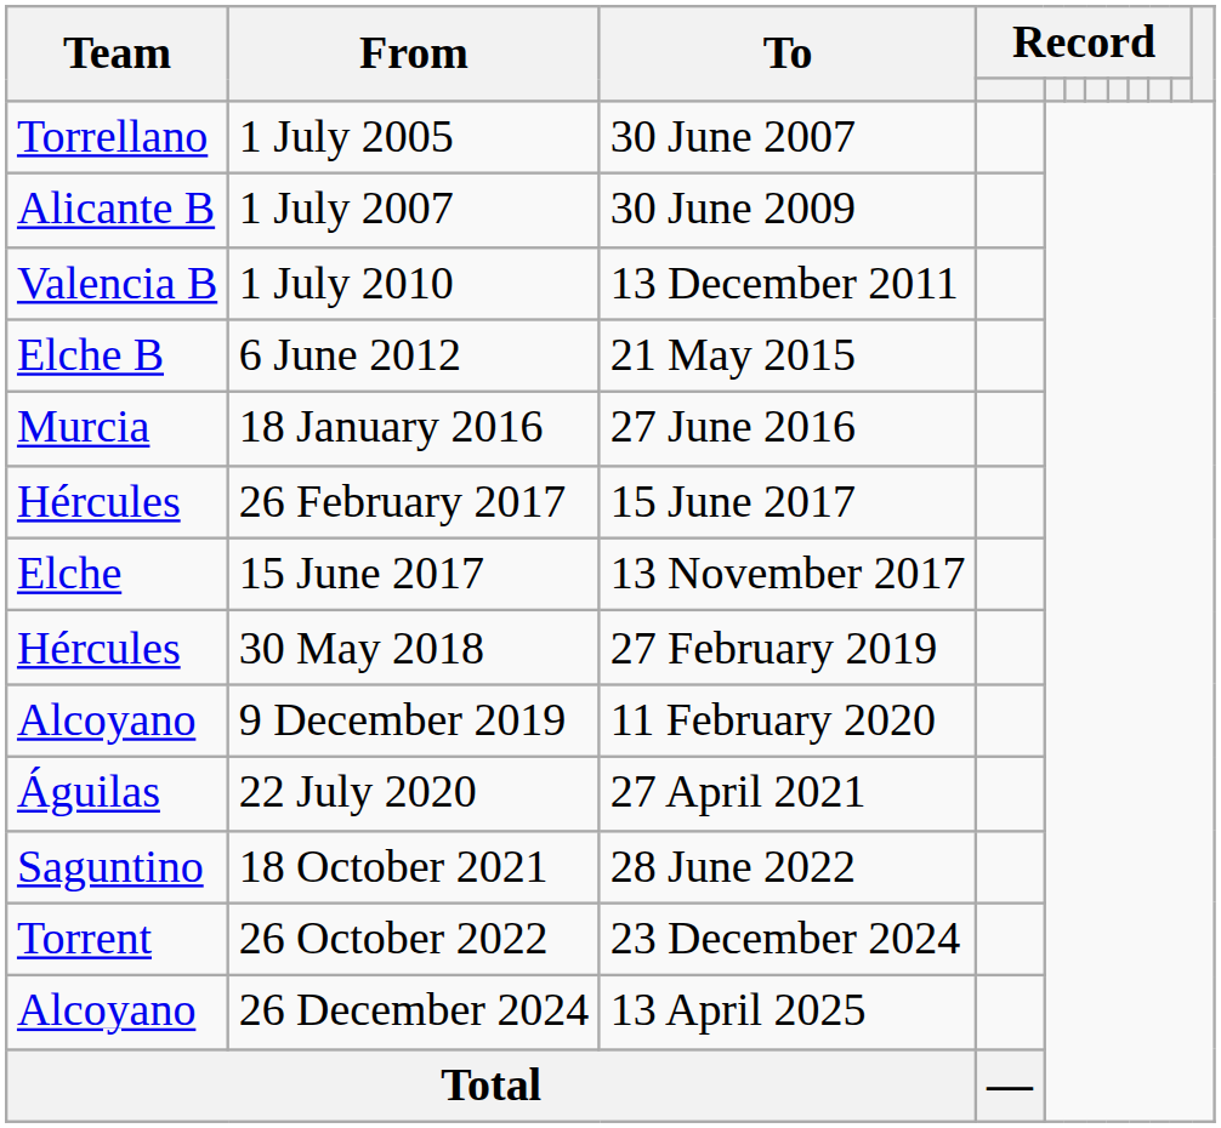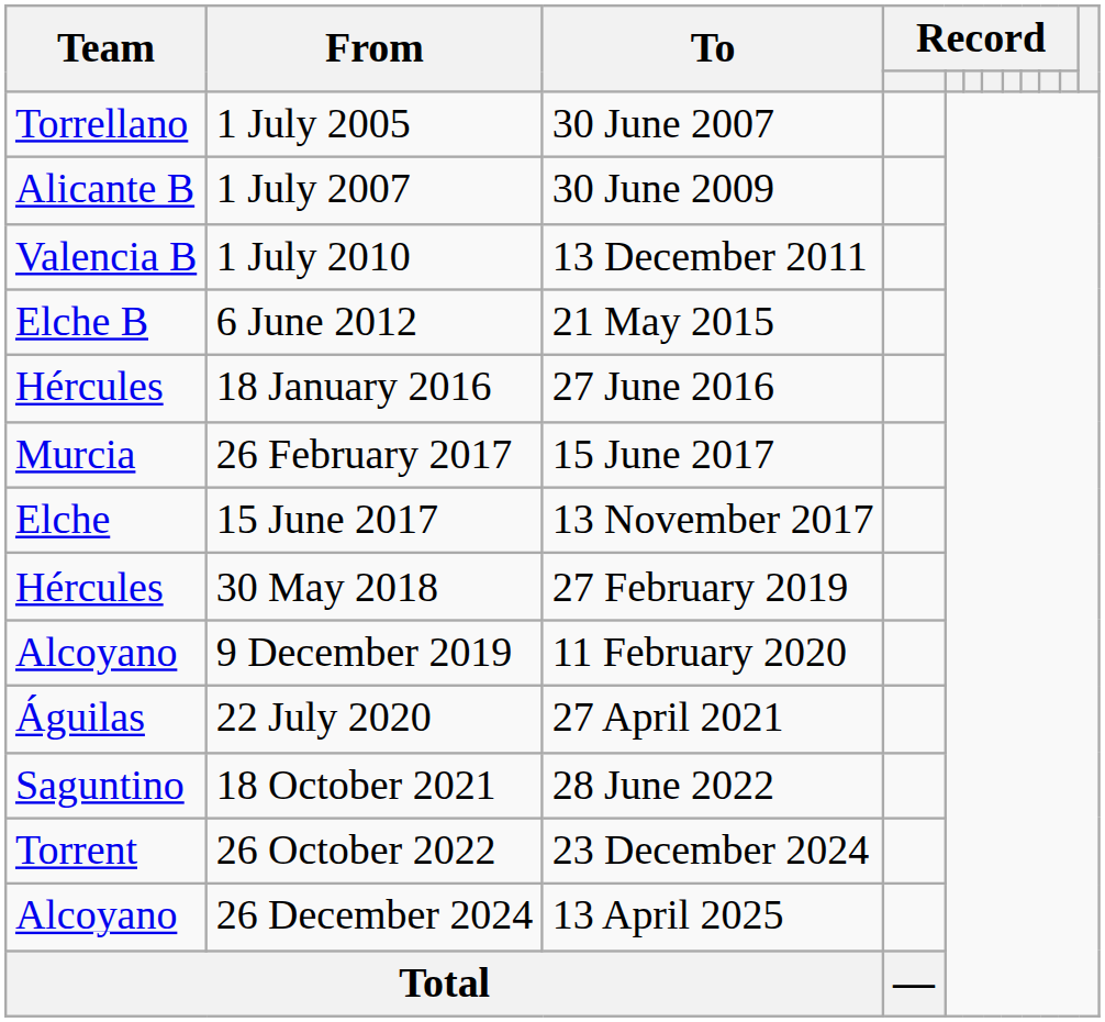 <table class="wikitable" style="text-align: center">
 <tr>
 <th rowspan="2">Team</th>
 <th rowspan="2">From</th>
 <th rowspan="2">To</th>
 <th colspan="8">Record</th>
 <th rowspan=2></th>
 </tr>
 <tr>
 <th></th>
 <th></th>
 <th></th>
 <th></th>
 <th></th>
 <th></th>
 <th></th>
 <th></th>
 </tr>
 <tr>
 <td align=left><a href='#'>Torrellano</a></td>
 <td align=left>1 July 2005</td>
 <td align=left>30 June 2007<br></td>
 <td></td>
 </tr>
 <tr>
 <td align=left><a href='#'>Alicante B</a></td>
 <td align=left>1 July 2007</td>
 <td align=left>30 June 2009<br></td>
 <td></td>
 </tr>
 <tr>
 <td align=left><a href='#'>Valencia B</a></td>
 <td align=left>1 July 2010</td>
 <td align=left>13 December 2011<br></td>
 <td></td>
 </tr>
 <tr>
 <td align=left><a href='#'>Elche B</a></td>
 <td align=left>6 June 2012</td>
 <td align=left>21 May 2015<br></td>
 <td></td>
 </tr>
 <tr>
-<td align=left><a href='#'>Murcia</a></td>
+<td align=left><a href='#'>Hércules</a></td>
 <td align=left>18 January 2016</td>
 <td align=left>27 June 2016<br></td>
 <td></td>
 </tr>
 <tr>
-<td align=left><a href='#'>Hércules</a></td>
+<td align=left><a href='#'>Murcia</a></td>
 <td align=left>26 February 2017</td>
 <td align=left>15 June 2017<br></td>
 <td></td>
 </tr>
 <tr>
 <td align=left><a href='#'>Elche</a></td>
 <td align=left>15 June 2017</td>
 <td align=left>13 November 2017<br></td>
 <td></td>
 </tr>
 <tr>
 <td align=left><a href='#'>Hércules</a></td>
 <td align=left>30 May 2018</td>
 <td align=left>27 February 2019<br></td>
 <td></td>
 </tr>
 <tr>
 <td align=left><a href='#'>Alcoyano</a></td>
 <td align=left>9 December 2019</td>
 <td align=left>11 February 2020<br></td>
 <td></td>
 </tr>
 <tr>
 <td align=left><a href='#'>Águilas</a></td>
 <td align=left>22 July 2020</td>
 <td align=left>27 April 2021<br></td>
 <td></td>
 </tr>
 <tr>
 <td align=left><a href='#'>Saguntino</a></td>
 <td align=left>18 October 2021</td>
 <td align=left>28 June 2022<br></td>
 <td></td>
 </tr>
 <tr>
 <td align=left><a href='#'>Torrent</a></td>
 <td align=left>26 October 2022</td>
 <td align=left>23 December 2024<br></td>
 <td></td>
 </tr>
 <tr>
 <td align=left><a href='#'>Alcoyano</a></td>
 <td align=left>26 December 2024</td>
 <td align=left>13 April 2025<br></td>
 <td></td>
 </tr>
 <tr>
 <th colspan="3">Total<br></th>
 <th>—</th>
 </tr>
 </table>
